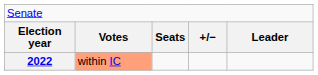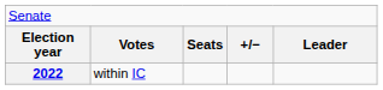 <table class=wikitable style="width:50%; border:1px #AAAAFF solid">
 <tr>
 <td colspan=56><a href='#'>Senate</a></td>
 </tr>
 <tr>
 <th width=13%>Election year</th>
 <th width=16%>Votes</th>
 <th width=1%>Seats</th>
 <th width=8%>+/−</th>
 <th width=18%>Leader</th>
 </tr>
 <tr>
 <th><a href='#'>2022</a></th>
-<td style="background: lightsalmon;">within <a href='#'>IC</a></td>
+<td>within <a href='#'>IC</a></td>
 <td></td>
 <td></td>
 <td></td>
 </tr>
 </table>
